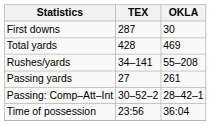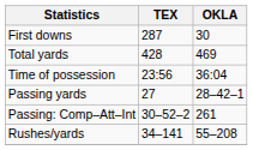 <table class="wikitable" style="float: left;">
 <tr>
 <th>Statistics</th>
 <th>TEX</th>
 <th>OKLA</th>
 </tr>
 <tr>
 <td>First downs</td>
 <td>287</td>
 <td>30</td>
 </tr>
 <tr>
 <td>Total yards</td>
 <td>428</td>
 <td>469</td>
 </tr>
 <tr>
+<td>Time of possession</td>
+<td>23:56</td>
+<td>36:04</td>
+</tr>
+<tr>
+<td>Passing yards</td>
+<td>27</td>
+<td>28–42–1</td>
+</tr>
+<tr>
+<td>Passing: Comp–Att–Int</td>
+<td>30–52–2</td>
+<td>261</td>
+</tr>
+<tr>
 <td>Rushes/yards</td>
 <td>34–141</td>
 <td>55–208</td>
 </tr>
 <tr>
-<td>Passing yards</td>
-<td>27</td>
-<td>261</td>
-</tr>
-<tr>
-<td>Passing: Comp–Att–Int</td>
-<td>30–52–2</td>
-<td>28–42–1</td>
-</tr>
-<tr>
-<td>Time of possession</td>
-<td>23:56</td>
-<td>36:04</td>
-</tr>
-<tr>
 </tr>
 </table>
